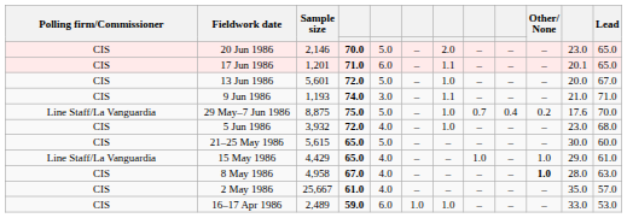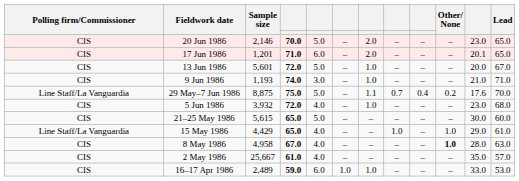 <table class="wikitable collapsible collapsed" style="text-align:center; font-size:90%; line-height:14px;">
 <tr style="height:42px;">
 <th style="width:250px;" rowspan="2">Polling firm/Commissioner</th>
 <th style="width:125px;" rowspan="2">Fieldwork date</th>
 <th style="width:50px;" rowspan="2">Sample size</th>
 <th style="width:35px;"></th>
 <th style="width:35px;"></th>
 <th style="width:35px;"></th>
 <th style="width:35px;"></th>
 <th style="width:35px;"></th>
 <th style="width:35px;"></th>
 <th style="width:35px;" rowspan="2">Other/<br>None</th>
 <th style="width:35px;" rowspan="2"></th>
 <th style="width:30px;" rowspan="2">Lead</th>
 </tr>
 <tr>
 <th style="color:inherit;background:"></th>
 <th style="color:inherit;background:"></th>
 <th style="color:inherit;background:"></th>
 <th style="color:inherit;background:"></th>
 <th style="color:inherit;background:"></th>
 <th style="color:inherit;background:"></th>
 </tr>
 <tr style="background:#FFEAEA;">
 <td>CIS</td>
 <td>20 Jun 1986</td>
 <td>2,146</td>
 <td><strong>70.0</strong></td>
 <td>5.0</td>
 <td>–</td>
 <td>2.0</td>
 <td>–</td>
 <td>–</td>
 <td>–</td>
 <td>23.0</td>
 <td style="background:">65.0</td>
 </tr>
 <tr style="background:#FFEAEA;">
 <td>CIS</td>
 <td>17 Jun 1986</td>
 <td>1,201</td>
 <td><strong>71.0</strong></td>
 <td>6.0</td>
 <td>–</td>
-<td>1.1</td>
+<td>2.0</td>
 <td>–</td>
 <td>–</td>
 <td>–</td>
 <td>20.1</td>
 <td style="background:">65.0</td>
 </tr>
 <tr>
 <td>CIS</td>
 <td>13 Jun 1986</td>
 <td>5,601</td>
 <td><strong>72.0</strong></td>
 <td>5.0</td>
 <td>–</td>
 <td>1.0</td>
 <td>–</td>
 <td>–</td>
 <td>–</td>
 <td>20.0</td>
 <td style="background:">67.0</td>
 </tr>
 <tr>
 <td>CIS</td>
 <td>9 Jun 1986</td>
 <td>1,193</td>
 <td><strong>74.0</strong></td>
 <td>3.0</td>
 <td>–</td>
-<td>1.1</td>
+<td>1.0</td>
 <td>–</td>
 <td>–</td>
 <td>–</td>
 <td>21.0</td>
 <td style="background:">71.0</td>
 </tr>
 <tr>
 <td>Line Staff/La Vanguardia</td>
 <td>29 May–7 Jun 1986</td>
 <td>8,875</td>
 <td><strong>75.0</strong></td>
 <td>5.0</td>
 <td>–</td>
-<td>1.0</td>
+<td>1.1</td>
 <td>0.7</td>
 <td>0.4</td>
 <td>0.2</td>
 <td>17.6</td>
 <td style="background:">70.0</td>
 </tr>
 <tr>
 <td>CIS</td>
 <td>5 Jun 1986</td>
 <td>3,932</td>
 <td><strong>72.0</strong></td>
 <td>4.0</td>
 <td>–</td>
 <td>1.0</td>
 <td>–</td>
 <td>–</td>
 <td>–</td>
 <td>23.0</td>
 <td style="background:">68.0</td>
 </tr>
 <tr>
 <td>CIS</td>
 <td>21–25 May 1986</td>
 <td>5,615</td>
 <td><strong>65.0</strong></td>
 <td>5.0</td>
 <td>–</td>
 <td>–</td>
 <td>–</td>
 <td>–</td>
 <td>–</td>
 <td>30.0</td>
 <td style="background:">60.0</td>
 </tr>
 <tr>
 <td>Line Staff/La Vanguardia</td>
 <td>15 May 1986</td>
 <td>4,429</td>
 <td><strong>65.0</strong></td>
 <td>4.0</td>
 <td>–</td>
 <td>–</td>
 <td>1.0</td>
 <td>–</td>
 <td>1.0</td>
 <td>29.0</td>
 <td style="background:">61.0</td>
 </tr>
 <tr>
 <td>CIS</td>
 <td>8 May 1986</td>
 <td>4,958</td>
 <td><strong>67.0</strong></td>
 <td>4.0</td>
 <td>–</td>
 <td>–</td>
 <td>–</td>
 <td>–</td>
 <td><strong>1.0</strong></td>
 <td>28.0</td>
 <td style="background:">63.0</td>
 </tr>
 <tr>
 <td>CIS</td>
 <td>2 May 1986</td>
 <td>25,667</td>
 <td><strong>61.0</strong></td>
 <td>4.0</td>
 <td>–</td>
 <td>–</td>
 <td>–</td>
 <td>–</td>
 <td>–</td>
 <td>35.0</td>
 <td style="background:">57.0</td>
 </tr>
 <tr>
 <td>CIS</td>
 <td>16–17 Apr 1986</td>
 <td>2,489</td>
 <td><strong>59.0</strong></td>
 <td>6.0</td>
 <td>1.0</td>
 <td>1.0</td>
 <td>–</td>
 <td>–</td>
 <td>–</td>
 <td>33.0</td>
 <td style="background:">53.0</td>
 </tr>
 </table>
